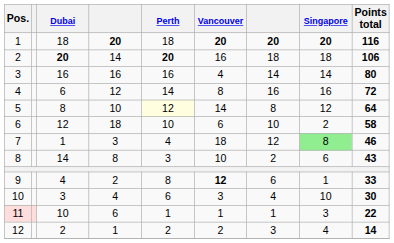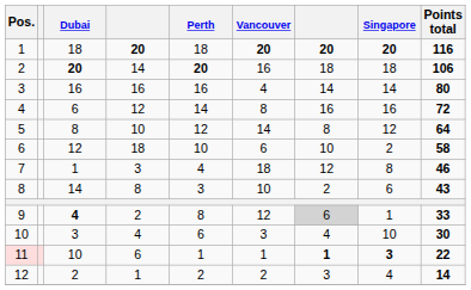 <table class="wikitable sortable" style="text-align:center;">
 <tr bgcolor="#efefef">
 <th style="width:2em;">Pos.</th>
 <th></th>
 <th style="width:5.2em;;font-size:85%;vertical-align:top;padding-left:4px;;padding-right:4px;;"><br><a href='#'>Dubai</a></th>
 <th style="width:5.2em;;font-size:85%;vertical-align:top;padding-left:4px;;padding-right:4px;;"><br></th>
 <th style="width:5.2em;;font-size:85%;vertical-align:top;padding-left:4px;;padding-right:4px;;"><br><a href='#'>Perth</a></th>
 <th style="width:5.2em;;font-size:85%;vertical-align:top;padding-left:4px;;padding-right:4px;;"><br><a href='#'>Vancouver</a></th>
 <th style="width:5.2em;;font-size:85%;vertical-align:top;padding-left:4px;;padding-right:4px;;"><br></th>
 <th style="width:5.2em;;font-size:85%;vertical-align:top;padding-left:4px;;padding-right:4px;;"><br><a href='#'>Singapore</a></th>
 <th>Points<br>total</th>
 </tr>
 <tr>
 <td>1</td>
 <td align="left"></td>
 <td>18</td>
 <td><strong>20</strong></td>
 <td>18</td>
 <td><strong>20</strong></td>
 <td><strong>20</strong></td>
 <td><strong>20</strong></td>
 <td><strong>116</strong></td>
 </tr>
 <tr>
 <td>2</td>
 <td align="left"></td>
 <td><strong>20</strong></td>
 <td>14</td>
 <td><strong>20</strong></td>
 <td>16</td>
 <td>18</td>
 <td>18</td>
 <td><strong>106</strong></td>
 </tr>
 <tr>
 <td>3</td>
 <td align="left"></td>
 <td>16</td>
 <td>16</td>
 <td>16</td>
 <td>4</td>
 <td>14</td>
 <td>14</td>
 <td><strong>80</strong></td>
 </tr>
 <tr>
 <td>4</td>
 <td align="left"></td>
 <td>6</td>
 <td>12</td>
 <td>14</td>
 <td>8</td>
 <td>16</td>
 <td>16</td>
 <td><strong>72</strong></td>
 </tr>
 <tr>
 <td>5</td>
 <td align="left"></td>
 <td>8</td>
 <td>10</td>
-<td style="background: lightyellow;">12</td>
+<td>12</td>
 <td>14</td>
 <td>8</td>
 <td>12</td>
 <td><strong>64</strong></td>
 </tr>
 <tr>
 <td>6</td>
 <td align="left"></td>
 <td>12</td>
 <td>18</td>
 <td>10</td>
 <td>6</td>
 <td>10</td>
 <td>2</td>
 <td><strong>58</strong></td>
 </tr>
 <tr>
 <td>7</td>
 <td align=left></td>
 <td>1</td>
 <td>3</td>
 <td>4</td>
 <td>18</td>
 <td>12</td>
-<td style="background: lightgreen;">8</td>
+<td>8</td>
 <td><strong>46</strong></td>
 </tr>
 <tr>
 <td>8</td>
 <td align="left"></td>
 <td>14</td>
 <td>8</td>
 <td>3</td>
 <td>10</td>
 <td>2</td>
 <td>6</td>
 <td><strong>43</strong></td>
 </tr>
 <tr>
 <th colspan="9"></th>
 </tr>
 <tr>
 <td>9</td>
 <td align="left"></td>
-<td>4</td>
+<td><strong>4</strong></td>
 <td>2</td>
 <td>8</td>
-<td><strong>12</strong></td>
-<td>6</td>
+<td>12</td>
+<td style="background: lightgrey;">6</td>
 <td>1</td>
 <td><strong>33</strong></td>
 </tr>
 <tr>
 <td>10</td>
 <td align="left"></td>
 <td>3</td>
 <td>4</td>
 <td>6</td>
 <td>3</td>
 <td>4</td>
 <td>10</td>
 <td><strong>30</strong></td>
 </tr>
 <tr>
 <td style="background:#fdd;">11</td>
 <td style="background:#fdd;" align=left></td>
 <td>10</td>
 <td>6</td>
 <td>1</td>
 <td>1</td>
-<td>1</td>
-<td>3</td>
+<td><strong>1</strong></td>
+<td><strong>3</strong></td>
 <td><strong>22</strong></td>
 </tr>
 <tr>
 <td>12</td>
 <td align=left></td>
 <td>2</td>
 <td>1</td>
 <td>2</td>
 <td>2</td>
 <td>3</td>
 <td>4</td>
 <td><strong>14</strong></td>
 </tr>
 <tr>
 </tr>
 </table>
